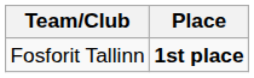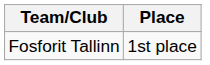 <table class="wikitable">
 <tr>
 <th>Team/Club</th>
 <th>Place</th>
 </tr>
 <tr>
 <td>Fosforit Tallinn</td>
-<td><strong>1st place</strong></td>
+<td>1st place</td>
 </tr>
 </table>
